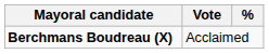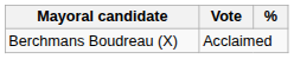 <table class="wikitable">
 <tr>
 <th bgcolor="#DDDDFF" width="200px">Mayoral candidate</th>
 <th bgcolor="#DDDDFF" width="50px">Vote</th>
 <th bgcolor="#DDDDFF"  width="30px">%</th>
 </tr>
 <tr>
-<td><strong>Berchmans Boudreau (X)</strong></td>
+<td>Berchmans Boudreau (X)</td>
 <td colspan="2">Acclaimed</td>
 </tr>
 </table>
